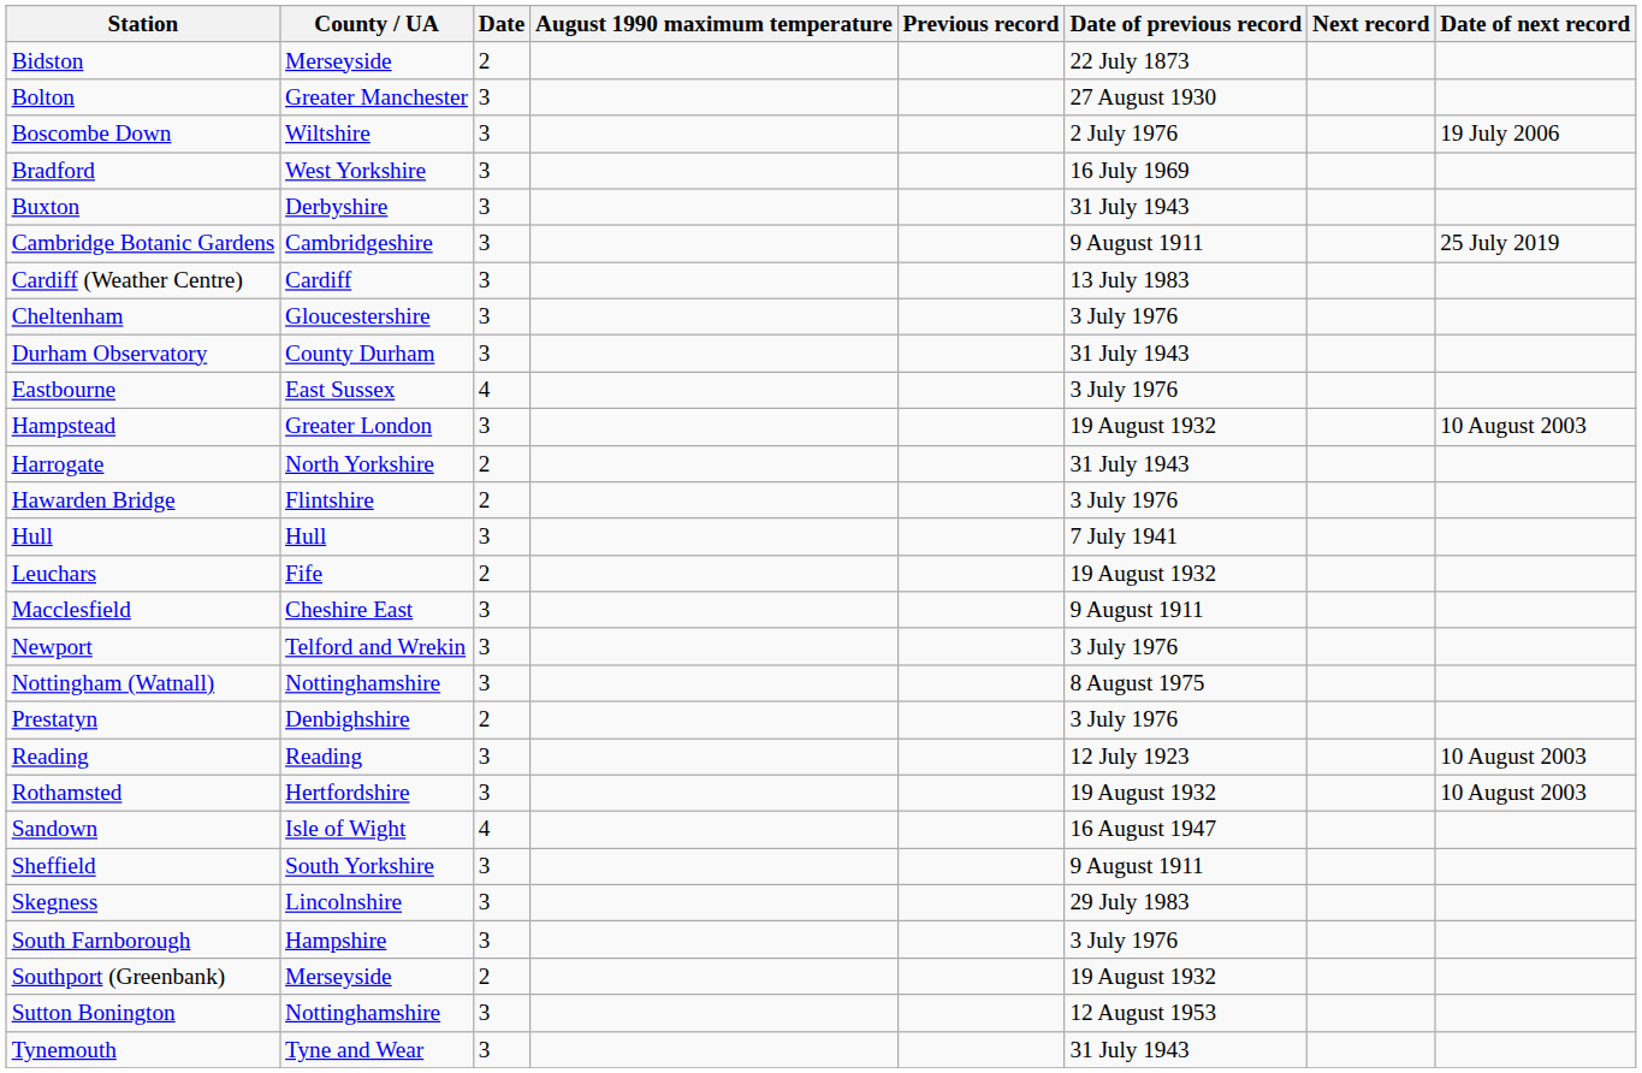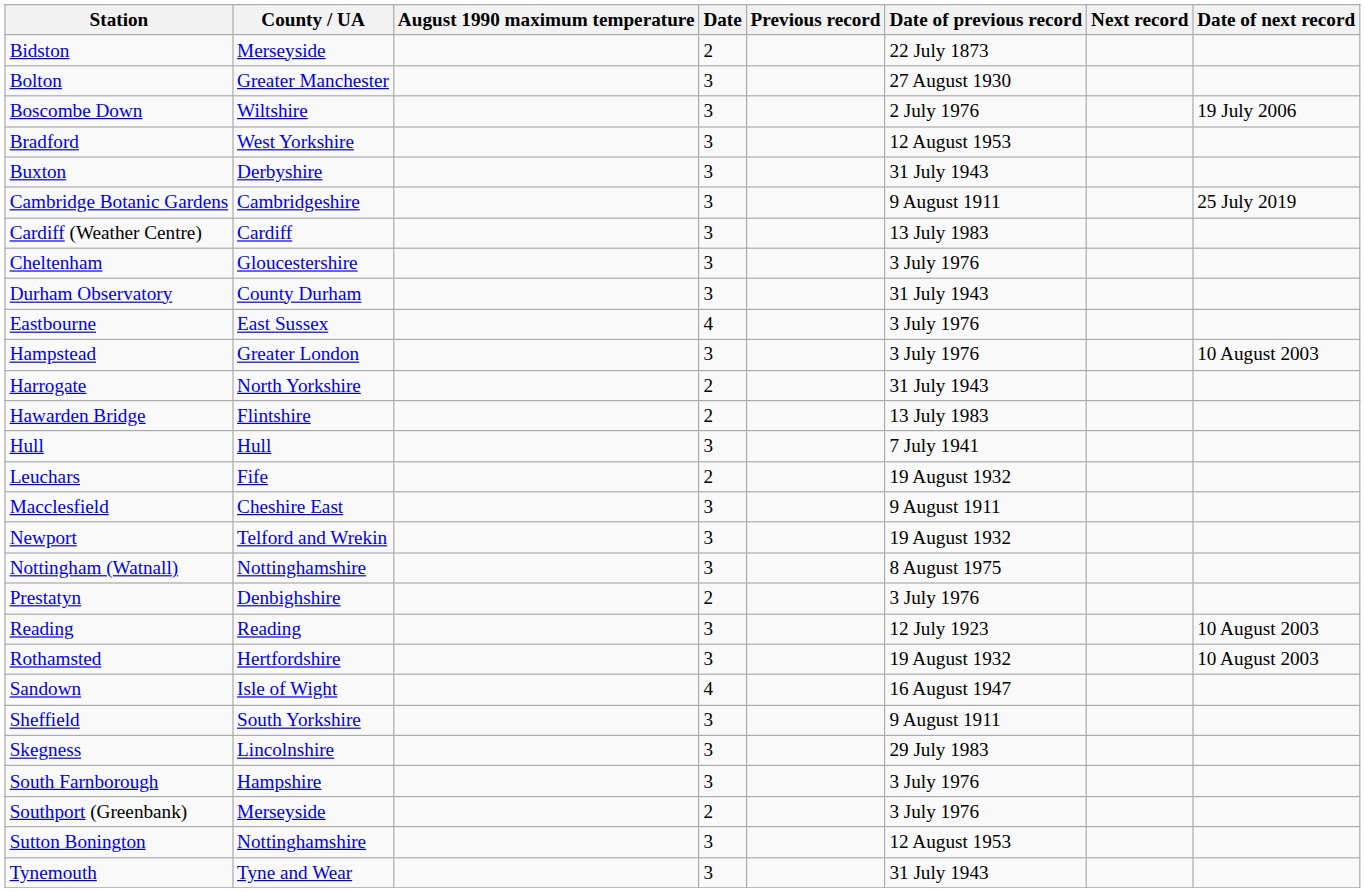 <table class="wikitable sortable" style="margin:auto;">
 <tr>
 <th>Station</th>
 <th>County / UA</th>
+<th>August 1990 maximum temperature</th>
 <th>Date</th>
-<th>August 1990 maximum temperature</th>
 <th>Previous record</th>
 <th>Date of previous record</th>
 <th>Next record</th>
 <th>Date of next record</th>
 </tr>
 <tr>
 <td><a href='#'>Bidston</a></td>
 <td><a href='#'>Merseyside</a></td>
+<td></td>
 <td>2</td>
-<td></td>
 <td></td>
 <td>22 July 1873</td>
 <td></td>
 <td></td>
 </tr>
 <tr>
 <td><a href='#'>Bolton</a></td>
 <td><a href='#'>Greater Manchester</a></td>
+<td></td>
 <td>3</td>
-<td></td>
 <td></td>
 <td>27 August 1930</td>
 <td></td>
 <td></td>
 </tr>
 <tr>
 <td><a href='#'>Boscombe Down</a></td>
 <td><a href='#'>Wiltshire</a></td>
+<td></td>
 <td>3</td>
-<td></td>
 <td></td>
 <td>2 July 1976</td>
 <td></td>
 <td>19 July 2006</td>
 </tr>
 <tr>
 <td><a href='#'>Bradford</a></td>
 <td><a href='#'>West Yorkshire</a></td>
+<td></td>
 <td>3</td>
 <td></td>
-<td></td>
-<td>16 July 1969</td>
+<td>12 August 1953</td>
 <td></td>
 <td></td>
 </tr>
 <tr>
 <td><a href='#'>Buxton</a></td>
 <td><a href='#'>Derbyshire</a></td>
+<td></td>
 <td>3</td>
-<td></td>
 <td></td>
 <td>31 July 1943</td>
 <td></td>
 <td></td>
 </tr>
 <tr>
 <td><a href='#'>Cambridge Botanic Gardens</a></td>
 <td><a href='#'>Cambridgeshire</a></td>
+<td></td>
 <td>3</td>
-<td></td>
 <td></td>
 <td>9 August 1911</td>
 <td></td>
 <td>25 July 2019</td>
 </tr>
 <tr>
 <td><a href='#'>Cardiff</a> (Weather Centre)</td>
 <td><a href='#'>Cardiff</a></td>
+<td></td>
 <td>3</td>
-<td></td>
 <td></td>
 <td>13 July 1983</td>
 <td></td>
 <td></td>
 </tr>
 <tr>
 <td><a href='#'>Cheltenham</a></td>
 <td><a href='#'>Gloucestershire</a></td>
+<td></td>
 <td>3</td>
-<td></td>
 <td></td>
 <td>3 July 1976</td>
 <td></td>
 <td></td>
 </tr>
 <tr>
 <td><a href='#'>Durham Observatory</a></td>
 <td><a href='#'>County Durham</a></td>
+<td></td>
 <td>3</td>
-<td></td>
 <td></td>
 <td>31 July 1943</td>
 <td></td>
 <td></td>
 </tr>
 <tr>
 <td><a href='#'>Eastbourne</a></td>
 <td><a href='#'>East Sussex</a></td>
+<td></td>
 <td>4</td>
-<td></td>
 <td></td>
 <td>3 July 1976</td>
 <td></td>
 <td></td>
 </tr>
 <tr>
 <td><a href='#'>Hampstead</a></td>
 <td><a href='#'>Greater London</a></td>
+<td></td>
 <td>3</td>
 <td></td>
-<td></td>
-<td>19 August 1932</td>
+<td>3 July 1976</td>
 <td></td>
 <td>10 August 2003</td>
 </tr>
 <tr>
 <td><a href='#'>Harrogate</a></td>
 <td><a href='#'>North Yorkshire</a></td>
+<td></td>
 <td>2</td>
-<td></td>
 <td></td>
 <td>31 July 1943</td>
 <td></td>
 <td></td>
 </tr>
 <tr>
 <td><a href='#'>Hawarden Bridge</a></td>
 <td><a href='#'>Flintshire</a></td>
+<td></td>
 <td>2</td>
 <td></td>
-<td></td>
-<td>3 July 1976</td>
+<td>13 July 1983</td>
 <td></td>
 <td></td>
 </tr>
 <tr>
 <td><a href='#'>Hull</a></td>
 <td><a href='#'>Hull</a></td>
+<td></td>
 <td>3</td>
-<td></td>
 <td></td>
 <td>7 July 1941</td>
 <td></td>
 <td></td>
 </tr>
 <tr>
 <td><a href='#'>Leuchars</a></td>
 <td><a href='#'>Fife</a></td>
+<td></td>
 <td>2</td>
-<td></td>
 <td></td>
 <td>19 August 1932</td>
 <td></td>
 <td></td>
 </tr>
 <tr>
 <td><a href='#'>Macclesfield</a></td>
 <td><a href='#'>Cheshire East</a></td>
+<td></td>
 <td>3</td>
-<td></td>
 <td></td>
 <td>9 August 1911</td>
 <td></td>
 <td></td>
 </tr>
 <tr>
 <td><a href='#'>Newport</a></td>
 <td><a href='#'>Telford and Wrekin</a></td>
+<td></td>
 <td>3</td>
 <td></td>
-<td></td>
-<td>3 July 1976</td>
+<td>19 August 1932</td>
 <td></td>
 <td></td>
 </tr>
 <tr>
 <td><a href='#'>Nottingham (Watnall)</a></td>
 <td><a href='#'>Nottinghamshire</a></td>
+<td></td>
 <td>3</td>
-<td></td>
 <td></td>
 <td>8 August 1975</td>
 <td></td>
 <td></td>
 </tr>
 <tr>
 <td><a href='#'>Prestatyn</a></td>
 <td><a href='#'>Denbighshire</a></td>
+<td></td>
 <td>2</td>
-<td></td>
 <td></td>
 <td>3 July 1976</td>
 <td></td>
 <td></td>
 </tr>
 <tr>
 <td><a href='#'>Reading</a></td>
 <td><a href='#'>Reading</a></td>
+<td></td>
 <td>3</td>
-<td></td>
 <td></td>
 <td>12 July 1923</td>
 <td></td>
 <td>10 August 2003</td>
 </tr>
 <tr>
 <td><a href='#'>Rothamsted</a></td>
 <td><a href='#'>Hertfordshire</a></td>
+<td></td>
 <td>3</td>
-<td></td>
 <td></td>
 <td>19 August 1932</td>
 <td></td>
 <td>10 August 2003</td>
 </tr>
 <tr>
 <td><a href='#'>Sandown</a></td>
 <td><a href='#'>Isle of Wight</a></td>
+<td></td>
 <td>4</td>
-<td></td>
 <td></td>
 <td>16 August 1947</td>
 <td></td>
 <td></td>
 </tr>
 <tr>
 <td><a href='#'>Sheffield</a></td>
 <td><a href='#'>South Yorkshire</a></td>
+<td></td>
 <td>3</td>
-<td></td>
 <td></td>
 <td>9 August 1911</td>
 <td></td>
 <td></td>
 </tr>
 <tr>
 <td><a href='#'>Skegness</a></td>
 <td><a href='#'>Lincolnshire</a></td>
+<td></td>
 <td>3</td>
-<td></td>
 <td></td>
 <td>29 July 1983</td>
 <td></td>
 <td></td>
 </tr>
 <tr>
 <td><a href='#'>South Farnborough</a></td>
 <td><a href='#'>Hampshire</a></td>
+<td></td>
 <td>3</td>
-<td></td>
 <td></td>
 <td>3 July 1976</td>
 <td></td>
 <td></td>
 </tr>
 <tr>
 <td><a href='#'>Southport</a> (Greenbank)</td>
 <td><a href='#'>Merseyside</a></td>
+<td></td>
 <td>2</td>
 <td></td>
-<td></td>
-<td>19 August 1932</td>
+<td>3 July 1976</td>
 <td></td>
 <td></td>
 </tr>
 <tr>
 <td><a href='#'>Sutton Bonington</a></td>
 <td><a href='#'>Nottinghamshire</a></td>
+<td></td>
 <td>3</td>
-<td></td>
 <td></td>
 <td>12 August 1953</td>
 <td></td>
 <td></td>
 </tr>
 <tr>
 <td><a href='#'>Tynemouth</a></td>
 <td><a href='#'>Tyne and Wear</a></td>
+<td></td>
 <td>3</td>
-<td></td>
 <td></td>
 <td>31 July 1943</td>
 <td></td>
 <td></td>
 </tr>
 </table>
